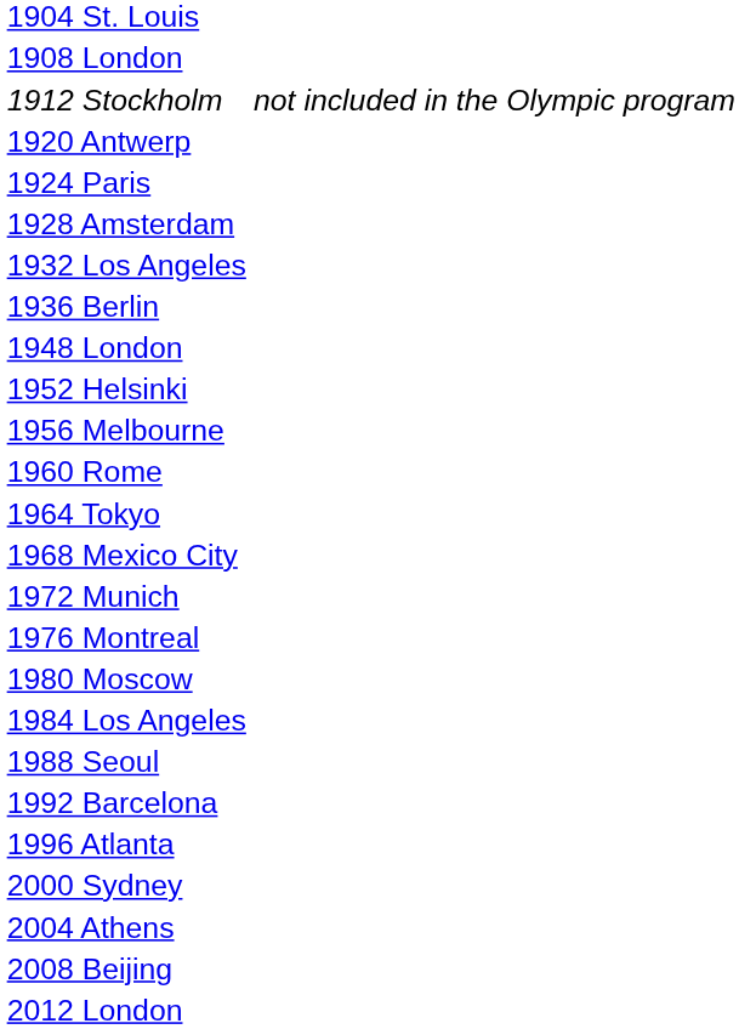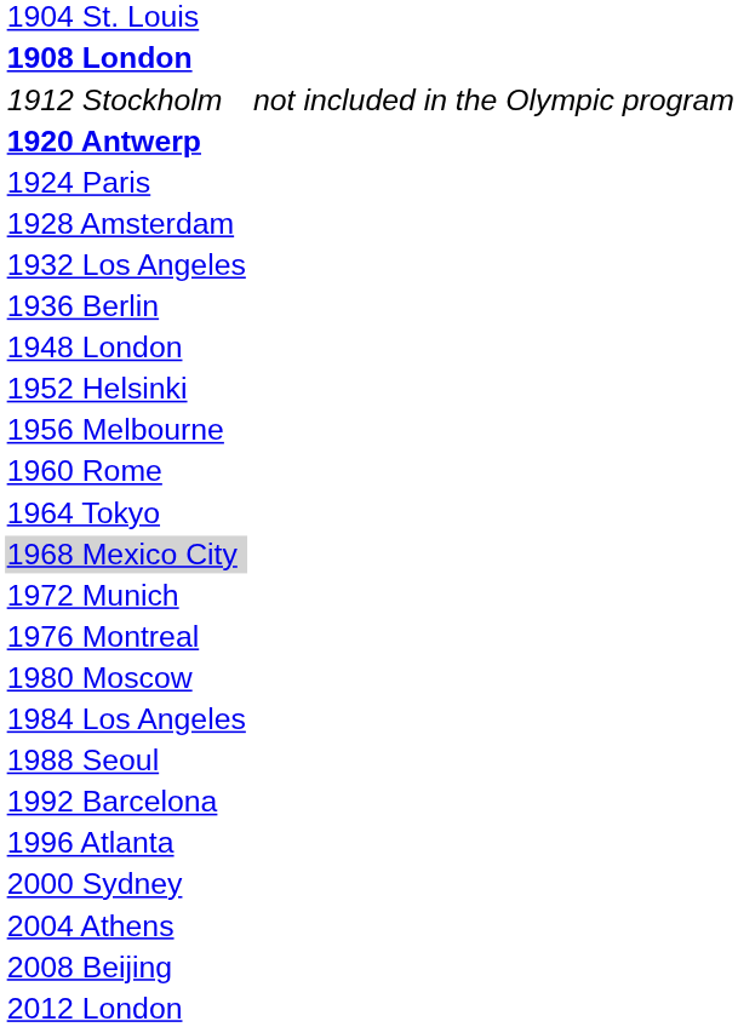 <table>
 <tr>
 <td><a href='#'>1904 St. Louis</a><br></td>
 <td></td>
 <td></td>
 <td></td>
 </tr>
 <tr>
-<td><a href='#'>1908 London</a><br></td>
+<td><strong><a href='#'>1908 London</a><br></strong></td>
 <td></td>
 <td></td>
 <td></td>
 </tr>
 <tr>
 <td><em>1912 Stockholm</em></td>
 <td colspan=3 align=center><em>not included in the Olympic program</em></td>
 </tr>
 <tr>
-<td><a href='#'>1920 Antwerp</a><br></td>
+<td><strong><a href='#'>1920 Antwerp</a><br></strong></td>
 <td></td>
 <td></td>
 <td></td>
 </tr>
 <tr>
 <td><a href='#'>1924 Paris</a><br></td>
 <td></td>
 <td></td>
 <td></td>
 </tr>
 <tr>
 <td><a href='#'>1928 Amsterdam</a><br></td>
 <td></td>
 <td></td>
 <td></td>
 </tr>
 <tr>
 <td><a href='#'>1932 Los Angeles</a><br></td>
 <td></td>
 <td></td>
 <td></td>
 </tr>
 <tr>
 <td><a href='#'>1936 Berlin</a><br></td>
 <td></td>
 <td></td>
 <td></td>
 </tr>
 <tr>
 <td><a href='#'>1948 London</a><br></td>
 <td></td>
 <td></td>
 <td></td>
 </tr>
 <tr>
 <td><a href='#'>1952 Helsinki</a><br></td>
 <td></td>
 <td></td>
 <td></td>
 </tr>
 <tr>
 <td><a href='#'>1956 Melbourne</a><br></td>
 <td></td>
 <td></td>
 <td></td>
 </tr>
 <tr>
 <td><a href='#'>1960 Rome</a><br></td>
 <td></td>
 <td></td>
 <td></td>
 </tr>
 <tr>
 <td><a href='#'>1964 Tokyo</a><br></td>
 <td></td>
 <td></td>
 <td></td>
 </tr>
 <tr>
-<td><a href='#'>1968 Mexico City</a><br></td>
+<td style="background: lightgrey;"><a href='#'>1968 Mexico City</a><br></td>
 <td></td>
 <td></td>
 <td></td>
 </tr>
 <tr>
 <td><a href='#'>1972 Munich</a><br></td>
 <td></td>
 <td></td>
 <td></td>
 </tr>
 <tr>
 <td><a href='#'>1976 Montreal</a><br></td>
 <td></td>
 <td></td>
 <td></td>
 </tr>
 <tr>
 <td><a href='#'>1980 Moscow</a><br></td>
 <td></td>
 <td></td>
 <td></td>
 </tr>
 <tr>
 <td><a href='#'>1984 Los Angeles</a><br></td>
 <td></td>
 <td></td>
 <td></td>
 </tr>
 <tr>
 <td><a href='#'>1988 Seoul</a><br></td>
 <td></td>
 <td></td>
 <td></td>
 </tr>
 <tr>
 <td><a href='#'>1992 Barcelona</a><br></td>
 <td></td>
 <td></td>
 <td></td>
 </tr>
 <tr>
 <td><a href='#'>1996 Atlanta</a><br></td>
 <td></td>
 <td></td>
 <td></td>
 </tr>
 <tr>
 <td><a href='#'>2000 Sydney</a><br></td>
 <td></td>
 <td></td>
 <td></td>
 </tr>
 <tr>
 <td><a href='#'>2004 Athens</a><br></td>
 <td></td>
 <td></td>
 <td></td>
 </tr>
 <tr>
 <td rowspan="2"><a href='#'>2008 Beijing</a><br></td>
 <td rowspan="2"></td>
 <td rowspan="2"></td>
 <td></td>
 </tr>
 <tr>
 <td></td>
 </tr>
 <tr>
 <td rowspan="2"><a href='#'>2012 London</a><br></td>
 <td rowspan="2"></td>
 <td rowspan="2"></td>
 <td></td>
 </tr>
 <tr>
 <td></td>
 </tr>
 </table>
